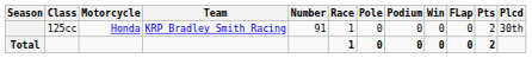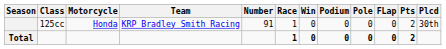 <table class="wikitable">
 <tr>
 <th>Season</th>
 <th>Class</th>
 <th>Motorcycle</th>
 <th>Team</th>
 <th>Number</th>
 <th>Race</th>
+<th>Win</th>
+<th>Podium</th>
 <th>Pole</th>
-<th>Podium</th>
-<th>Win</th>
 <th>FLap</th>
 <th>Pts</th>
 <th>Plcd</th>
 </tr>
 <tr align="right">
 <th></th>
 <td>125cc</td>
 <td><a href='#'>Honda</a></td>
 <td><a href='#'>KRP Bradley Smith Racing</a></td>
 <td>91</td>
 <td>1</td>
 <td>0</td>
 <td>0</td>
 <td>0</td>
 <td>0</td>
 <td>2</td>
 <td>30th</td>
 </tr>
 <tr align="right">
 <th>Total</th>
 <td></td>
 <td></td>
 <td></td>
 <td></td>
 <td><strong>1</strong></td>
 <td><strong>0</strong></td>
 <td><strong>0</strong></td>
 <td><strong>0</strong></td>
 <td><strong>0</strong></td>
 <td><strong>2</strong></td>
 <td></td>
 </tr>
 </table>
